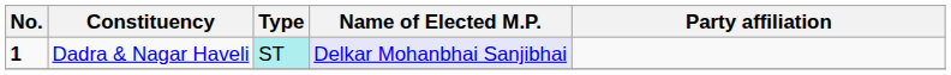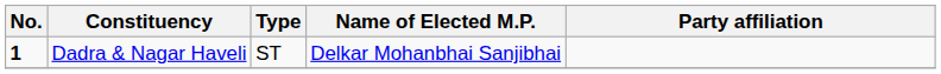 <table class="wikitable" style="font-size:95%;">
 <tr>
 <th>No.</th>
 <th>Constituency</th>
 <th>Type</th>
 <th>Name of Elected M.P.</th>
 <th colspan="2" style="width:18em">Party affiliation</th>
 </tr>
 <tr>
 <td><strong>1</strong></td>
 <td><a href='#'>Dadra & Nagar Haveli</a></td>
-<td style="background: paleturquoise;">ST</td>
-<td style="background: lavender;"><a href='#'>Delkar Mohanbhai Sanjibhai</a></td>
+<td>ST</td>
+<td><a href='#'>Delkar Mohanbhai Sanjibhai</a></td>
 <td></td>
 </tr>
 <tr>
 </tr>
 </table>
